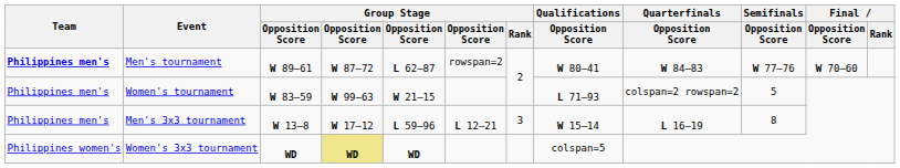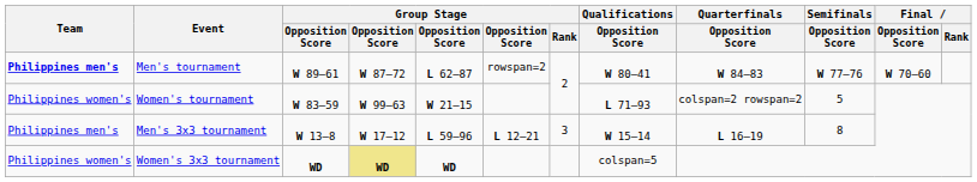 <table class=wikitable style="font-size:90%; text-align:center">
 <tr>
 <th rowspan=2>Team</th>
 <th rowspan=2>Event</th>
 <th colspan=5>Group Stage</th>
 <th>Qualifications</th>
 <th>Quarterfinals</th>
 <th>Semifinals</th>
 <th colspan=2>Final / </th>
 </tr>
 <tr style="font-size:95%">
 <th>Opposition<br>Score</th>
 <th>Opposition<br>Score</th>
 <th>Opposition<br>Score</th>
 <th>Opposition<br>Score</th>
 <th>Rank</th>
 <th>Opposition<br>Score</th>
 <th>Opposition<br>Score</th>
 <th>Opposition<br>Score</th>
 <th>Opposition<br>Score</th>
 <th>Rank</th>
 </tr>
 <tr align=center>
 <td align=left><strong><a href='#'>Philippines men's</a></strong></td>
 <td align=left><a href='#'>Men's tournament</a></td>
 <td><br><strong>W</strong> 89–61</td>
 <td><br><strong>W</strong> 87–72</td>
 <td><br><strong>L</strong> 62–87</td>
 <td>rowspan=2 </td>
 <td rowspan=2>2 <strong></strong></td>
 <td><br><strong>W</strong> 80–41</td>
 <td><br><strong>W</strong> 84–83</td>
 <td><br><strong>W</strong> 77–76</td>
 <td><br><strong>W</strong> 70–60</td>
 <td></td>
 </tr>
 <tr align=center>
-<td align=left><a href='#'>Philippines men's</a></td>
+<td align=left><a href='#'>Philippines women's</a></td>
 <td align=left><a href='#'>Women's tournament</a></td>
 <td><br><strong>W</strong> 83–59</td>
 <td><br><strong>W</strong> 99–63</td>
 <td><br><strong>W</strong> 21–15</td>
 <td></td>
 <td><br><strong>L</strong> 71–93</td>
 <td>colspan=2 rowspan=2 </td>
 <td>5</td>
 </tr>
 <tr align=center>
 <td align=left><a href='#'>Philippines men's</a></td>
 <td align=left><a href='#'>Men's 3x3 tournament</a></td>
 <td><br><strong>W</strong> 13–8</td>
 <td><br><strong>W</strong> 17–12</td>
 <td><br><strong>L</strong> 59–96</td>
 <td><br><strong>L</strong> 12–21</td>
 <td>3 <strong></strong></td>
 <td><br><strong>W</strong> 15–14</td>
 <td><br><strong>L</strong> 16–19</td>
 <td>8</td>
 </tr>
 <tr align=center>
 <td align=left><a href='#'>Philippines women's</a></td>
 <td align=left><a href='#'>Women's 3x3 tournament</a></td>
 <td><br><strong>WD</strong></td>
 <td style="background: khaki;"><br><strong>WD</strong></td>
 <td><br><strong>WD</strong></td>
 <td></td>
 <td></td>
 <td>colspan=5 </td>
 </tr>
 </table>
